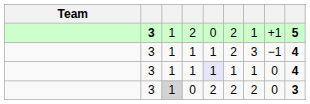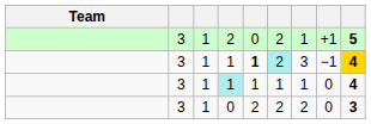 <table class="wikitable" style="text-align: center;">
 <tr>
 <th width=175>Team</th>
 <th width="20"></th>
 <th width="20"></th>
 <th width="20"></th>
 <th width="20"></th>
 <th width="20"></th>
 <th width="20"></th>
 <th width="20"></th>
 <th width="20"></th>
 </tr>
 <tr style="background:#cfc;">
 <td style="text-align:left;"></td>
-<td><strong>3</strong></td>
+<td>3</td>
 <td>1</td>
 <td>2</td>
 <td>0</td>
 <td>2</td>
 <td>1</td>
 <td>+1</td>
 <td><strong>5</strong></td>
 </tr>
 <tr>
 <td style="text-align:left;"><em></em></td>
 <td>3</td>
 <td>1</td>
 <td>1</td>
-<td>1</td>
-<td>2</td>
+<td><strong>1</strong></td>
+<td style="background: paleturquoise;">2</td>
 <td>3</td>
 <td>−1</td>
-<td><strong>4</strong></td>
+<td style="background: gold;"><strong>4</strong></td>
 </tr>
 <tr>
 <td style="text-align:left;"></td>
 <td>3</td>
 <td>1</td>
+<td style="background: paleturquoise;">1</td>
 <td>1</td>
-<td style="background: lavender;">1</td>
 <td>1</td>
 <td>1</td>
 <td>0</td>
 <td><strong>4</strong></td>
 </tr>
 <tr>
 <td style="text-align:left;"></td>
 <td>3</td>
-<td style="background: lightgrey;">1</td>
+<td>1</td>
 <td>0</td>
 <td>2</td>
 <td>2</td>
 <td>2</td>
 <td>0</td>
 <td><strong>3</strong></td>
 </tr>
 </table>
